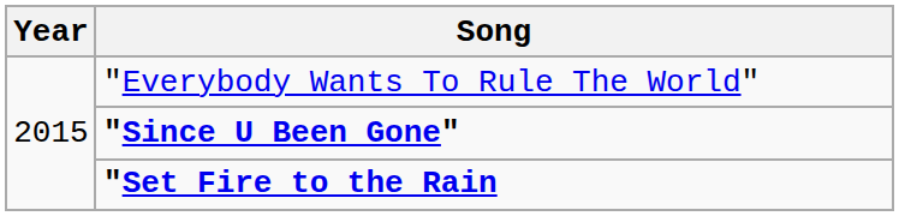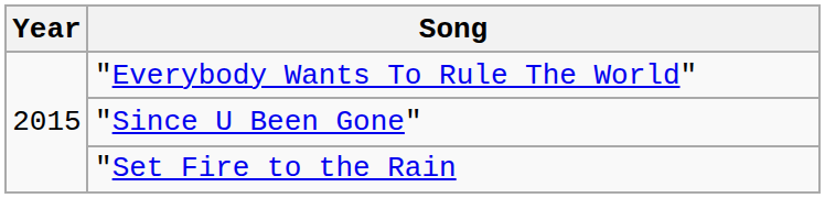 <table class="wikitable">
 <tr>
 <th rowspan="1">Year</th>
 <th rowspan="1" style="width:25em;">Song</th>
 </tr>
 <tr style="font-size:smaller;">
 </tr>
 <tr>
 <td style="text-align:center;"  rowspan="3">2015</td>
 <td>"<a href='#'>Everybody Wants To Rule The World</a>"</td>
 </tr>
 <tr>
-<td><strong>"<a href='#'>Since U Been Gone</a>"</strong></td>
+<td>"<a href='#'>Since U Been Gone</a>"</td>
 </tr>
 <tr>
-<td><strong>"<a href='#'>Set Fire to the Rain</a></strong></td>
+<td>"<a href='#'>Set Fire to the Rain</a></td>
 </tr>
 </table>
